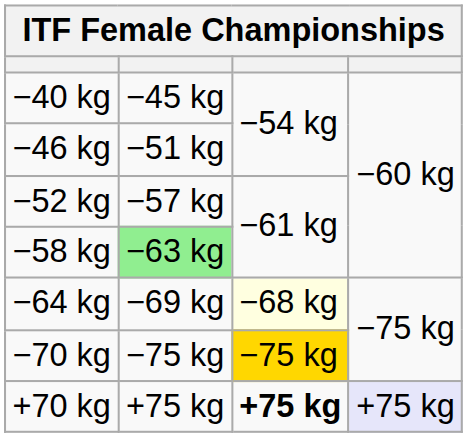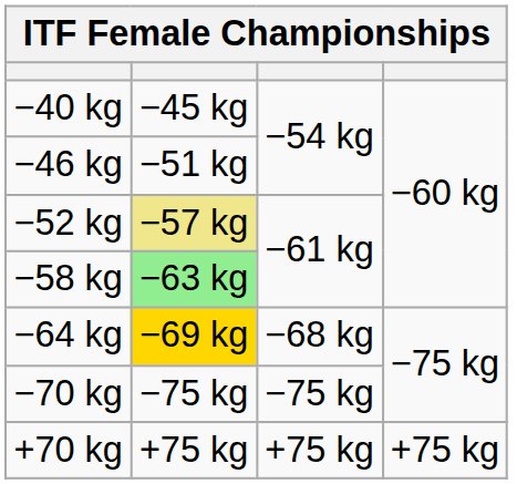 <table class="wikitable" style="float:left;">
 <tr>
 <th colspan=4>ITF Female Championships</th>
 </tr>
 <tr>
 <th></th>
 <th></th>
 <th></th>
 <th></th>
 </tr>
 <tr>
 <td>−40 kg</td>
 <td>−45 kg</td>
 <td rowspan=2>−54 kg</td>
 <td rowspan=4>−60 kg</td>
 </tr>
 <tr>
 <td>−46 kg</td>
 <td>−51 kg</td>
 </tr>
 <tr>
 <td>−52 kg</td>
-<td>−57 kg</td>
+<td style="background: khaki;">−57 kg</td>
 <td rowspan=2>−61 kg</td>
 </tr>
 <tr>
 <td>−58 kg</td>
 <td style="background: lightgreen;">−63 kg</td>
 </tr>
 <tr>
 <td>−64 kg</td>
-<td>−69 kg</td>
-<td style="background: lightyellow;">−68 kg</td>
+<td style="background: gold;">−69 kg</td>
+<td>−68 kg</td>
 <td rowspan=2>−75 kg</td>
 </tr>
 <tr>
 <td>−70 kg</td>
 <td>−75 kg</td>
-<td style="background: gold;">−75 kg</td>
+<td>−75 kg</td>
 </tr>
 <tr>
 <td>+70 kg</td>
 <td>+75 kg</td>
-<td><strong>+75 kg</strong></td>
-<td style="background: lavender;">+75 kg</td>
+<td>+75 kg</td>
+<td>+75 kg</td>
 </tr>
 </table>
